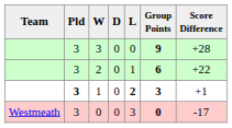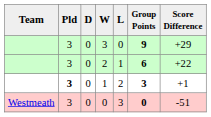 <table style=border-collapse:collapse border=1 cellspacing=0 cellpadding=5>
 <tr align=center bgcolor=#efefef>
 <th>Team</th>
 <th>Pld</th>
+<th>D</th>
 <th>W</th>
-<th>D</th>
 <th>L</th>
 <th><small>Group<br>Points</small></th>
 <th><small>Score<br>Difference</small></th>
 </tr>
 <tr align=center style="background:#cfc;">
 <td style="text-align:left;"> </td>
 <td>3</td>
+<td>0</td>
 <td>3</td>
 <td>0</td>
-<td>0</td>
 <td><strong>9</strong></td>
-<td>+28</td>
+<td>+29</td>
 </tr>
 <tr align=center style="background:#cfc;">
 <td style="text-align:left;"> </td>
 <td>3</td>
+<td>0</td>
 <td>2</td>
-<td>0</td>
 <td>1</td>
 <td><strong>6</strong></td>
 <td>+22</td>
 </tr>
 <tr align=center style="background:#ffffff;">
 <td style="text-align:left;"> </td>
 <td><strong>3</strong></td>
+<td>0</td>
 <td>1</td>
-<td>0</td>
-<td><strong>2</strong></td>
+<td>2</td>
 <td><strong>3</strong></td>
 <td>+1</td>
 </tr>
 <tr align=center style="background:#ffcccc;">
 <td style="text-align:left;"> <a href='#'>Westmeath</a></td>
 <td>3</td>
 <td>0</td>
 <td>0</td>
 <td>3</td>
 <td><strong>0</strong></td>
-<td>-17</td>
+<td>-51</td>
 </tr>
 </table>
